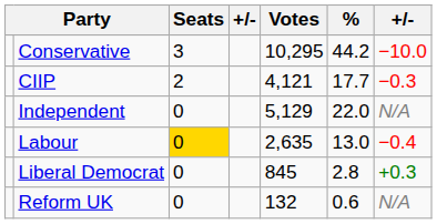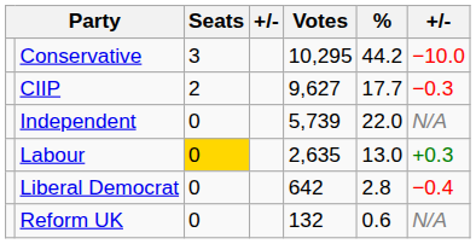 <table class="wikitable sortable">
 <tr>
 <th colspan="2">Party</th>
 <th>Seats</th>
 <th>+/-</th>
 <th>Votes</th>
 <th>%</th>
 <th>+/-</th>
 </tr>
 <tr>
 <td style="background-color: "></td>
 <td><a href='#'>Conservative</a></td>
 <td>3</td>
 <td></td>
 <td>10,295</td>
 <td>44.2</td>
 <td style="color:red">−10.0</td>
 </tr>
 <tr>
 <td style="background-color: "></td>
 <td><a href='#'>CIIP</a></td>
 <td>2</td>
 <td></td>
-<td>4,121</td>
+<td>9,627</td>
 <td>17.7</td>
 <td style="color:red">−0.3</td>
 </tr>
 <tr>
 <td style="background-color: "></td>
 <td><a href='#'>Independent</a></td>
 <td>0</td>
 <td></td>
-<td>5,129</td>
+<td>5,739</td>
 <td>22.0</td>
 <td style="color:grey"><em>N/A</em></td>
 </tr>
 <tr>
 <td style="background-color: "></td>
 <td><a href='#'>Labour</a></td>
 <td style="background: gold;">0</td>
 <td></td>
 <td>2,635</td>
 <td>13.0</td>
-<td style="color:red">−0.4</td>
+<td style="color:green">+0.3</td>
 </tr>
 <tr>
 <td style="background-color: "></td>
 <td><a href='#'>Liberal Democrat</a></td>
 <td>0</td>
 <td></td>
-<td>845</td>
+<td>642</td>
 <td>2.8</td>
-<td style="color:green">+0.3</td>
+<td style="color:red">−0.4</td>
 </tr>
 <tr>
 <td style="background-color: "></td>
 <td><a href='#'>Reform UK</a></td>
 <td>0</td>
 <td></td>
 <td>132</td>
 <td>0.6</td>
 <td style="color:grey"><em>N/A</em></td>
 </tr>
 </table>
